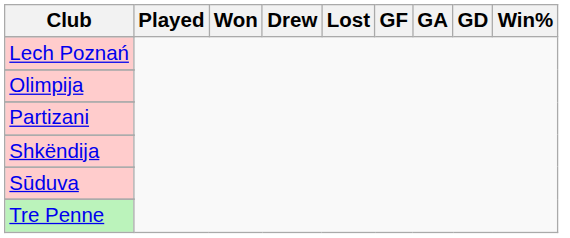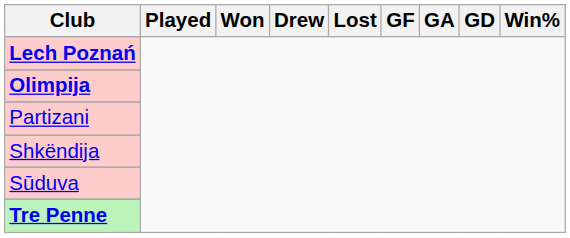 <table class="wikitable sortable" style="text-align: left;">
 <tr>
 <th>Club</th>
 <th>Played</th>
 <th>Won</th>
 <th>Drew</th>
 <th>Lost</th>
 <th>GF</th>
 <th>GA</th>
 <th>GD</th>
 <th>Win%</th>
 </tr>
 <tr>
 </tr>
 <tr bgcolor= "#ffcccc">
-<td style=align=left> <a href='#'>Lech Poznań</a><br></td>
+<td style=align=left><strong> <a href='#'>Lech Poznań</a><br></strong></td>
 </tr>
 <tr>
 </tr>
 <tr bgcolor= "#ffcccc">
-<td style=align=left> <a href='#'>Olimpija</a><br></td>
+<td style=align=left><strong> <a href='#'>Olimpija</a><br></strong></td>
 </tr>
 <tr>
 </tr>
 <tr bgcolor= "#ffcccc">
 <td style=align=left> <a href='#'>Partizani</a><br></td>
 </tr>
 <tr>
 </tr>
 <tr bgcolor= "#ffcccc">
 <td style=align=left> <a href='#'>Shkëndija</a><br></td>
 </tr>
 <tr>
 </tr>
 <tr bgcolor= "#ffcccc">
 <td style=align=left> <a href='#'>Sūduva</a><br></td>
 </tr>
 <tr>
 </tr>
 <tr bgcolor= "#bbf3bb">
-<td style=align=left> <a href='#'>Tre Penne</a><br></td>
+<td style=align=left><strong> <a href='#'>Tre Penne</a><br></strong></td>
 </tr>
 </table>
